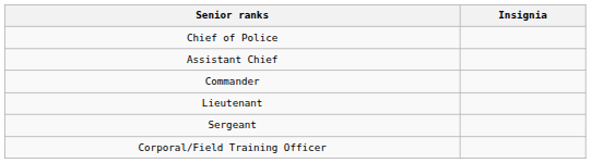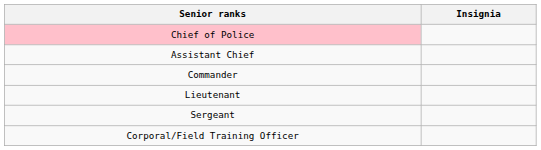 <table class="wikitable" style="text-align: center; width: 750px; height: 200px;">
 <tr>
 <th>Senior ranks</th>
 <th>Insignia</th>
 </tr>
 <tr>
-<td>Chief of Police</td>
+<td style="background: pink;">Chief of Police</td>
 <td></td>
 </tr>
 <tr>
 <td>Assistant Chief</td>
 <td></td>
 </tr>
 <tr>
 <td>Commander</td>
 <td></td>
 </tr>
 <tr>
 <td>Lieutenant</td>
 <td></td>
 </tr>
 <tr>
 <td style="text-align:center;">Sergeant</td>
 <td style="text-align:center;"></td>
 </tr>
 <tr>
 <td>Corporal/Field Training Officer</td>
 <td colspan="3"></td>
 </tr>
 </table>
